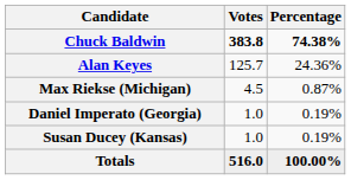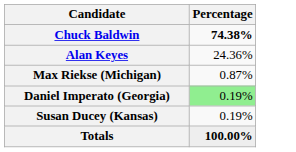 <table class="wikitable plainrowheaders" style="text-align:right;" border="1">
 <tr>
 <th scope="col" style="width:14em;">Candidate</th>
-<th scope="col">Votes</th>
 <th scope="col">Percentage</th>
 </tr>
 <tr>
 <th scope="row"><a href='#'>Chuck Baldwin</a></th>
-<td><strong>383.8</strong></td>
 <td><strong>74.38%</strong></td>
 </tr>
 <tr>
 <th scope="row"><a href='#'>Alan Keyes</a></th>
-<td>125.7</td>
 <td>24.36%</td>
 </tr>
 <tr>
 <th scope="row">Max Riekse (Michigan)</th>
-<td>4.5</td>
 <td>0.87%</td>
 </tr>
 <tr>
 <th scope="row">Daniel Imperato (Georgia)</th>
-<td>1.0</td>
-<td>0.19%</td>
+<td style="background: lightgreen;">0.19%</td>
 </tr>
 <tr>
 <th scope="row">Susan Ducey (Kansas)</th>
-<td>1.0</td>
 <td>0.19%</td>
 </tr>
 <tr style="background:#eee;">
 <th scope="row"><strong>Totals</strong></th>
-<td><strong>516.0</strong></td>
 <td><strong>100.00%</strong></td>
 </tr>
 </table>
